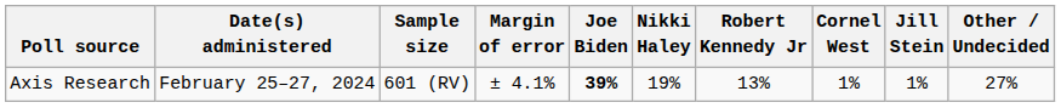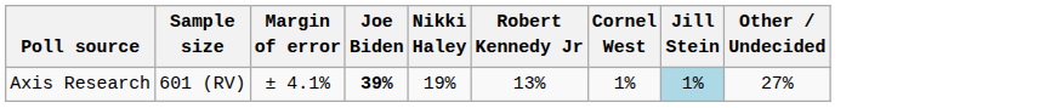 <table class="wikitable sortable mw-datatable" style="font-size:90%;text-align:center;line-height:17px">
 <tr valign=bottom>
 <th>Poll source</th>
-<th>Date(s)<br>administered</th>
 <th>Sample<br>size</th>
 <th>Margin<br>of error</th>
 <th class="unsortable">Joe<br>Biden<br></th>
 <th class="unsortable">Nikki<br>Haley<br></th>
 <th class="unsortable">Robert<br>Kennedy Jr<br></th>
 <th class="unsortable">Cornel<br>West<br></th>
 <th class="unsortable">Jill<br>Stein<br></th>
 <th class="unsortable">Other /<br>Undecided</th>
 </tr>
 <tr>
 <td style="text-align:left;">Axis Research</td>
-<td data-sort-value="2024-02-27">February 25–27, 2024</td>
 <td>601 (RV)</td>
 <td>± 4.1%</td>
 <td style="color:black;background-color:"><strong>39%</strong></td>
 <td>19%</td>
 <td>13%</td>
 <td>1%</td>
-<td>1%</td>
+<td style="background: lightblue;">1%</td>
 <td>27%</td>
 </tr>
 </table>
